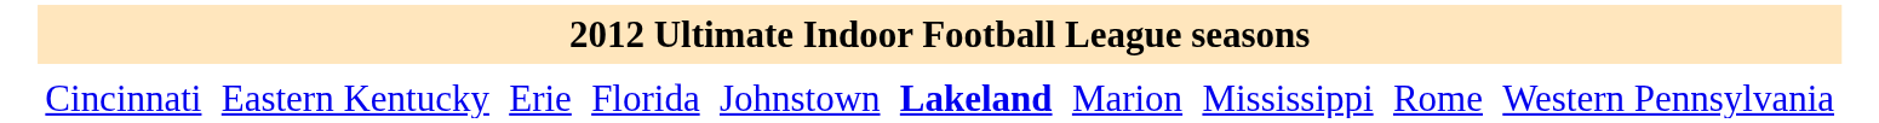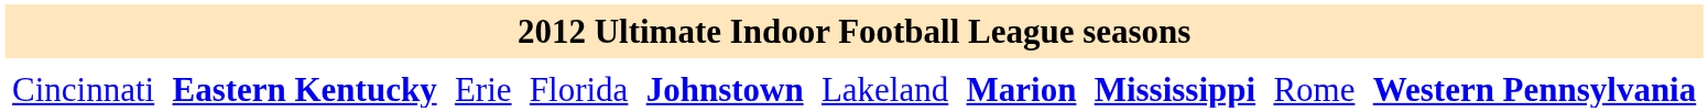 <table cellspacing="2" cellpadding="3" class="toccolours" style="font-size: 95%; margin: auto; text-align: center;">
 <tr>
 <th colspan="20" style="background-color: #FFE6BD;"><strong>2012 Ultimate Indoor Football League seasons</strong></th>
 </tr>
 <tr>
 <td style=><a href='#'>Cincinnati</a></td>
-<td style=><a href='#'>Eastern Kentucky</a></td>
+<td style=><strong><a href='#'>Eastern Kentucky</a></strong></td>
 <td style=><a href='#'>Erie</a></td>
 <td style=><a href='#'>Florida</a></td>
-<td style=><a href='#'>Johnstown</a></td>
-<td style=><strong><a href='#'>Lakeland</a></strong></td>
-<td style=><a href='#'>Marion</a></td>
-<td style=><a href='#'>Mississippi</a></td>
+<td style=><strong><a href='#'>Johnstown</a></strong></td>
+<td style=><a href='#'>Lakeland</a></td>
+<td style=><strong><a href='#'>Marion</a></strong></td>
+<td style=><strong><a href='#'>Mississippi</a></strong></td>
 <td style=><a href='#'>Rome</a></td>
-<td style=><a href='#'>Western Pennsylvania</a></td>
+<td style=><strong><a href='#'>Western Pennsylvania</a></strong></td>
 </tr>
 <tr>
 </tr>
 </table>
